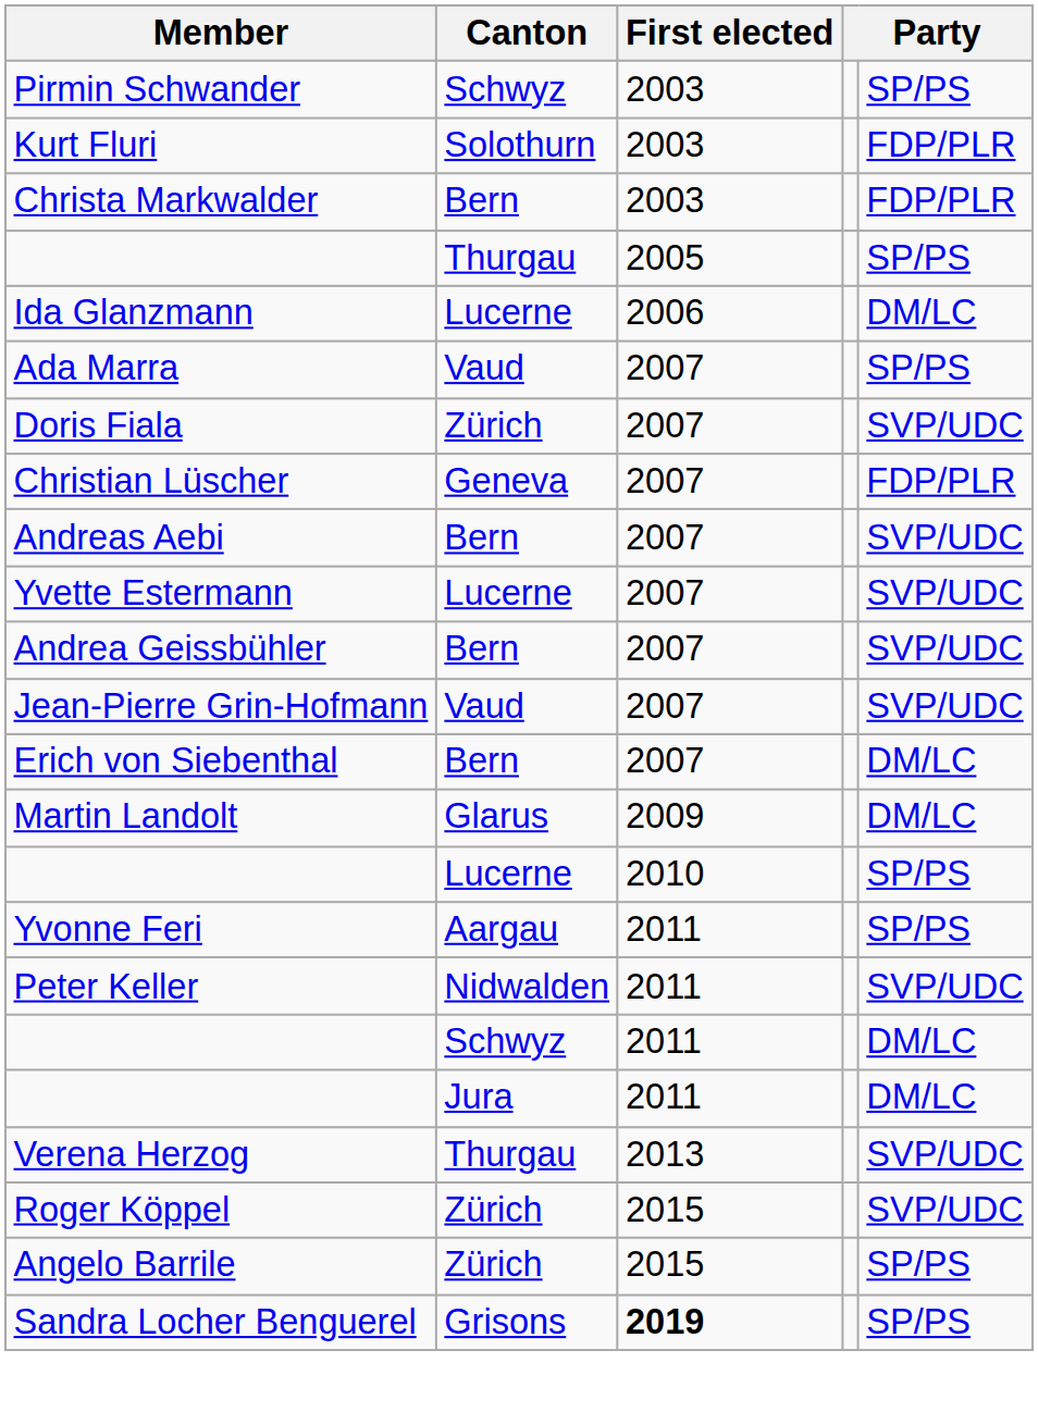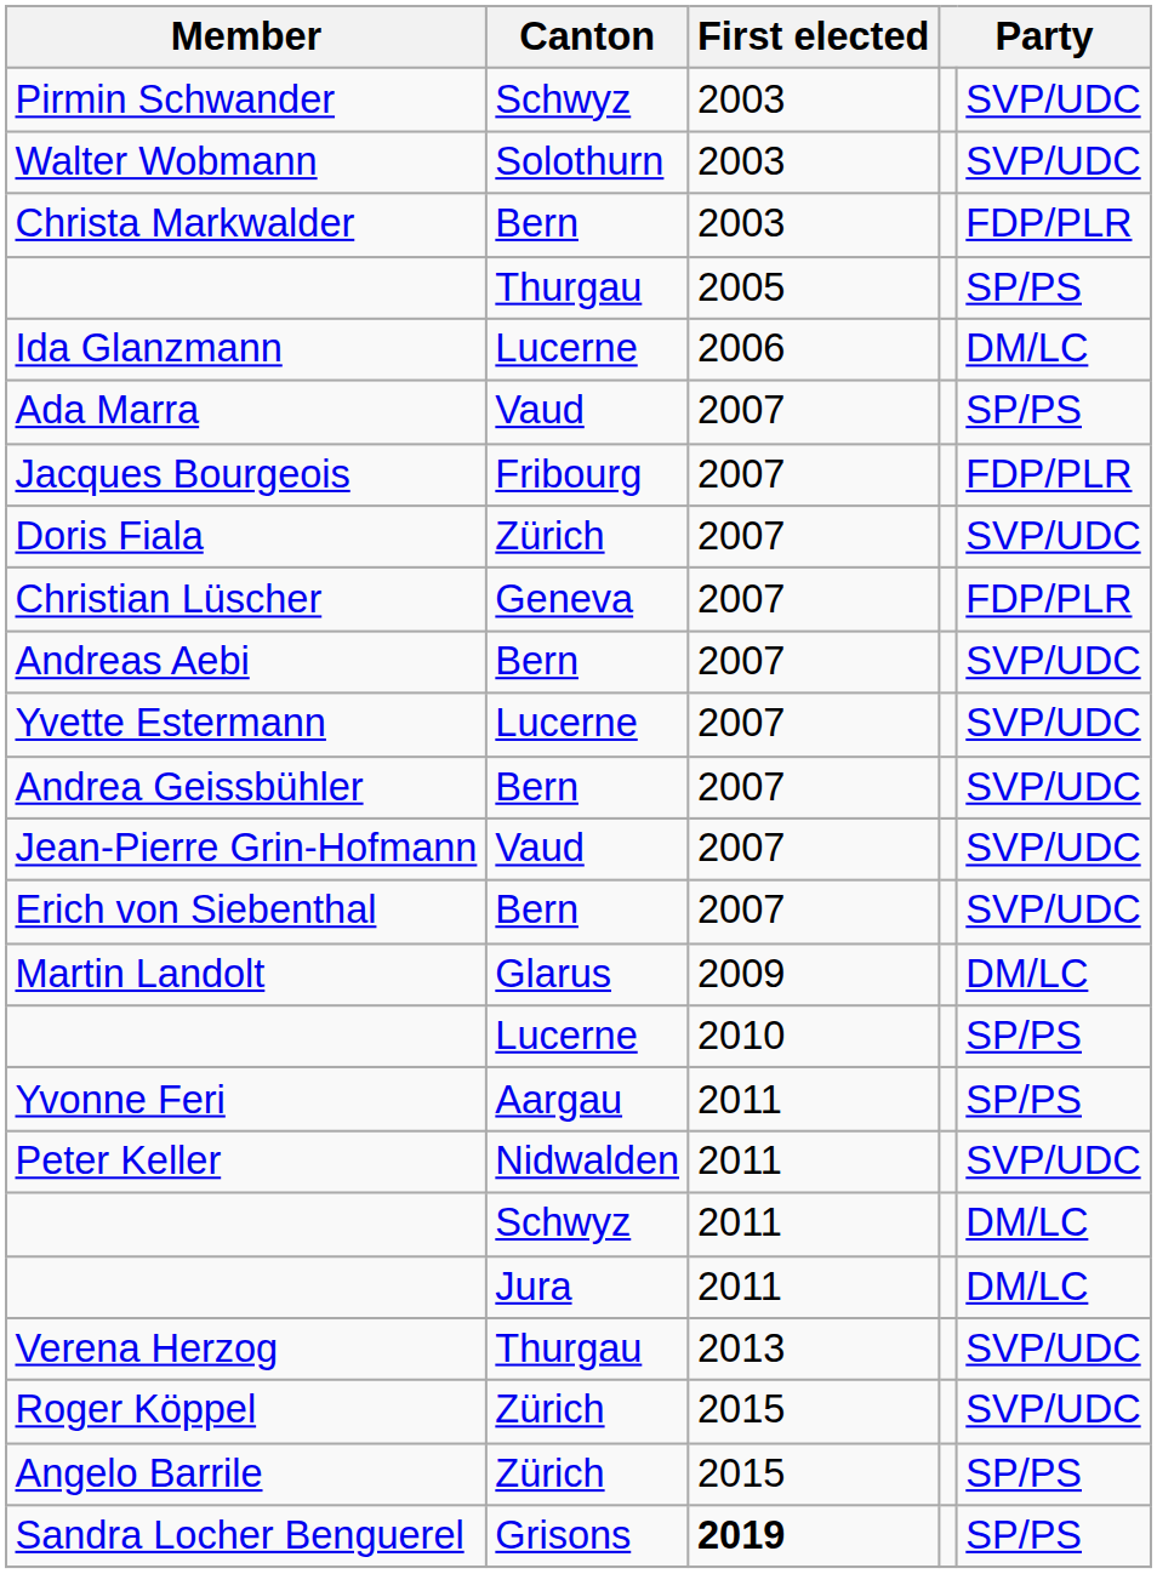 <table class="wikitable">
 <tr>
 <th>Member</th>
 <th>Canton</th>
 <th>First elected</th>
 <th colspan=2>Party</th>
 </tr>
 <tr>
 <td><a href='#'>Pirmin Schwander</a></td>
 <td><a href='#'>Schwyz</a></td>
 <td>2003</td>
 <td style="background-color:"></td>
-<td><a href='#'>SP/PS</a></td>
+<td><a href='#'>SVP/UDC</a></td>
 </tr>
 <tr>
-<td><a href='#'>Kurt Fluri</a></td>
+<td><a href='#'>Walter Wobmann</a></td>
 <td><a href='#'>Solothurn</a></td>
 <td>2003</td>
 <td style="background-color:"></td>
-<td><a href='#'>FDP/PLR</a></td>
+<td><a href='#'>SVP/UDC</a></td>
 </tr>
 <tr>
 <td><a href='#'>Christa Markwalder</a></td>
 <td><a href='#'>Bern</a></td>
 <td>2003</td>
 <td style="background-color:"></td>
 <td><a href='#'>FDP/PLR</a></td>
 </tr>
 <tr>
 <td></td>
 <td><a href='#'>Thurgau</a></td>
 <td>2005</td>
 <td style="background-color:"></td>
 <td><a href='#'>SP/PS</a></td>
 </tr>
 <tr>
 <td><a href='#'>Ida Glanzmann</a></td>
 <td><a href='#'>Lucerne</a></td>
 <td>2006</td>
 <td style="background-color:"></td>
 <td><a href='#'>DM/LC</a></td>
 </tr>
 <tr>
 <td><a href='#'>Ada Marra</a></td>
 <td><a href='#'>Vaud</a></td>
 <td>2007</td>
 <td style="background-color:"></td>
 <td><a href='#'>SP/PS</a></td>
+</tr>
+<tr>
+<td><a href='#'>Jacques Bourgeois</a></td>
+<td><a href='#'>Fribourg</a></td>
+<td>2007</td>
+<td style="background-color:"></td>
+<td><a href='#'>FDP/PLR</a></td>
 </tr>
 <tr>
 <td><a href='#'>Doris Fiala</a></td>
 <td><a href='#'>Zürich</a></td>
 <td>2007</td>
 <td style="background-color:"></td>
 <td><a href='#'>SVP/UDC</a></td>
 </tr>
 <tr>
 <td><a href='#'>Christian Lüscher</a></td>
 <td><a href='#'>Geneva</a></td>
 <td>2007</td>
 <td style="background-color:"></td>
 <td><a href='#'>FDP/PLR</a></td>
 </tr>
 <tr>
 <td><a href='#'>Andreas Aebi</a></td>
 <td><a href='#'>Bern</a></td>
 <td>2007</td>
 <td style="background-color:"></td>
 <td><a href='#'>SVP/UDC</a></td>
 </tr>
 <tr>
 <td><a href='#'>Yvette Estermann</a></td>
 <td><a href='#'>Lucerne</a></td>
 <td>2007</td>
 <td style="background-color:"></td>
 <td><a href='#'>SVP/UDC</a></td>
 </tr>
 <tr>
 <td><a href='#'>Andrea Geissbühler</a></td>
 <td><a href='#'>Bern</a></td>
 <td>2007</td>
 <td style="background-color:"></td>
 <td><a href='#'>SVP/UDC</a></td>
 </tr>
 <tr>
 <td><a href='#'>Jean-Pierre Grin-Hofmann</a></td>
 <td><a href='#'>Vaud</a></td>
 <td>2007</td>
 <td style="background-color:"></td>
 <td><a href='#'>SVP/UDC</a></td>
 </tr>
 <tr>
 <td><a href='#'>Erich von Siebenthal</a></td>
 <td><a href='#'>Bern</a></td>
 <td>2007</td>
 <td style="background-color:"></td>
-<td><a href='#'>DM/LC</a></td>
+<td><a href='#'>SVP/UDC</a></td>
 </tr>
 <tr>
 <td><a href='#'>Martin Landolt</a></td>
 <td><a href='#'>Glarus</a></td>
 <td>2009</td>
 <td style="background-color:"></td>
 <td><a href='#'>DM/LC</a></td>
 </tr>
 <tr>
 <td></td>
 <td><a href='#'>Lucerne</a></td>
 <td>2010</td>
 <td style="background-color:"></td>
 <td><a href='#'>SP/PS</a></td>
 </tr>
 <tr>
 <td><a href='#'>Yvonne Feri</a></td>
 <td><a href='#'>Aargau</a></td>
 <td>2011</td>
 <td style="background-color:"></td>
 <td><a href='#'>SP/PS</a></td>
 </tr>
 <tr>
 <td><a href='#'>Peter Keller</a></td>
 <td><a href='#'>Nidwalden</a></td>
 <td>2011</td>
 <td style="background-color:"></td>
 <td><a href='#'>SVP/UDC</a></td>
 </tr>
 <tr>
 <td></td>
 <td><a href='#'>Schwyz</a></td>
 <td>2011</td>
 <td style="background-color:"></td>
 <td><a href='#'>DM/LC</a></td>
 </tr>
 <tr>
 <td></td>
 <td><a href='#'>Jura</a></td>
 <td>2011</td>
 <td style="background-color:"></td>
 <td><a href='#'>DM/LC</a></td>
 </tr>
 <tr>
 <td><a href='#'>Verena Herzog</a></td>
 <td><a href='#'>Thurgau</a></td>
 <td>2013</td>
 <td style="background-color:"></td>
 <td><a href='#'>SVP/UDC</a></td>
 </tr>
 <tr>
 <td><a href='#'>Roger Köppel</a></td>
 <td><a href='#'>Zürich</a></td>
 <td>2015</td>
 <td style="background-color:"></td>
 <td><a href='#'>SVP/UDC</a></td>
 </tr>
 <tr>
 <td><a href='#'>Angelo Barrile</a></td>
 <td><a href='#'>Zürich</a></td>
 <td>2015</td>
 <td style="background-color:"></td>
 <td><a href='#'>SP/PS</a></td>
 </tr>
 <tr>
 <td><a href='#'>Sandra Locher Benguerel</a></td>
 <td><a href='#'>Grisons</a></td>
 <td><strong>2019</strong></td>
 <td style="background-color:"></td>
 <td><a href='#'>SP/PS</a></td>
 </tr>
 <tr>
 </tr>
 </table>
